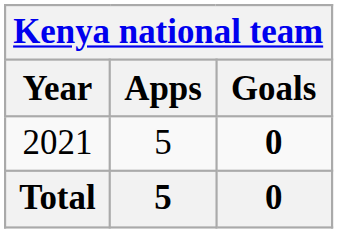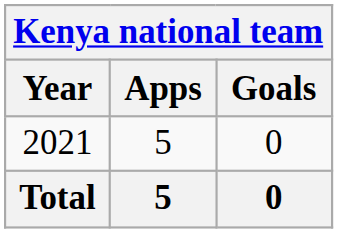 <table class="wikitable" style="text-align:center">
 <tr>
 <th colspan=3><a href='#'>Kenya national team</a></th>
 </tr>
 <tr>
 <th>Year</th>
 <th>Apps</th>
 <th>Goals</th>
 </tr>
 <tr>
 <td>2021</td>
 <td>5</td>
-<td><strong>0</strong></td>
+<td>0</td>
 </tr>
 <tr>
 <th>Total</th>
 <th>5</th>
 <th>0</th>
 </tr>
 </table>
